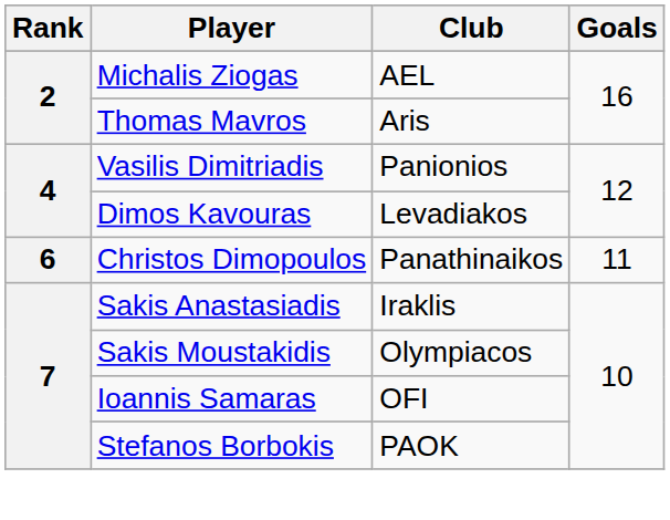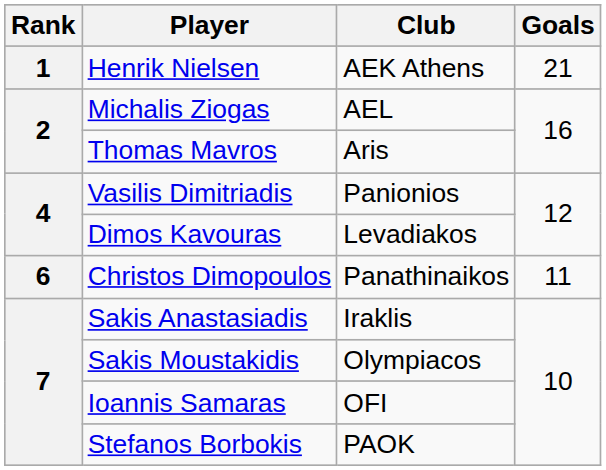 <table class="wikitable" style="text-align:center">
 <tr>
 <th>Rank</th>
 <th>Player</th>
 <th>Club</th>
 <th>Goals</th>
+</tr>
+<tr>
+<th>1</th>
+<td align="left"> <a href='#'>Henrik Nielsen</a></td>
+<td align="left">AEK Athens</td>
+<td>21</td>
 </tr>
 <tr>
 <th rowspan="2">2</th>
 <td align="left"> <a href='#'>Michalis Ziogas</a></td>
 <td align="left">AEL</td>
 <td rowspan="2">16</td>
 </tr>
 <tr>
 <td align="left"> <a href='#'>Thomas Mavros</a></td>
 <td align="left">Aris</td>
 </tr>
 <tr>
 <th rowspan="2">4</th>
 <td align="left"> <a href='#'>Vasilis Dimitriadis</a></td>
 <td align="left">Panionios</td>
 <td rowspan="2">12</td>
 </tr>
 <tr>
 <td align="left"> <a href='#'>Dimos Kavouras</a></td>
 <td align="left">Levadiakos</td>
 </tr>
 <tr>
 <th>6</th>
 <td align="left"> <a href='#'>Christos Dimopoulos</a></td>
 <td align="left">Panathinaikos</td>
 <td>11</td>
 </tr>
 <tr>
 <th rowspan="4”">7</th>
 <td align="left"> <a href='#'>Sakis Anastasiadis</a></td>
 <td align="left">Iraklis</td>
 <td rowspan="4”">10</td>
 </tr>
 <tr>
 <td align="left"> <a href='#'>Sakis Moustakidis</a></td>
 <td align="left">Olympiacos</td>
 </tr>
 <tr>
 <td align="left"> <a href='#'>Ioannis Samaras</a></td>
 <td align="left">OFI</td>
 </tr>
 <tr>
 <td align="left"> <a href='#'>Stefanos Borbokis</a></td>
 <td align="left">PAOK</td>
 </tr>
 </table>
